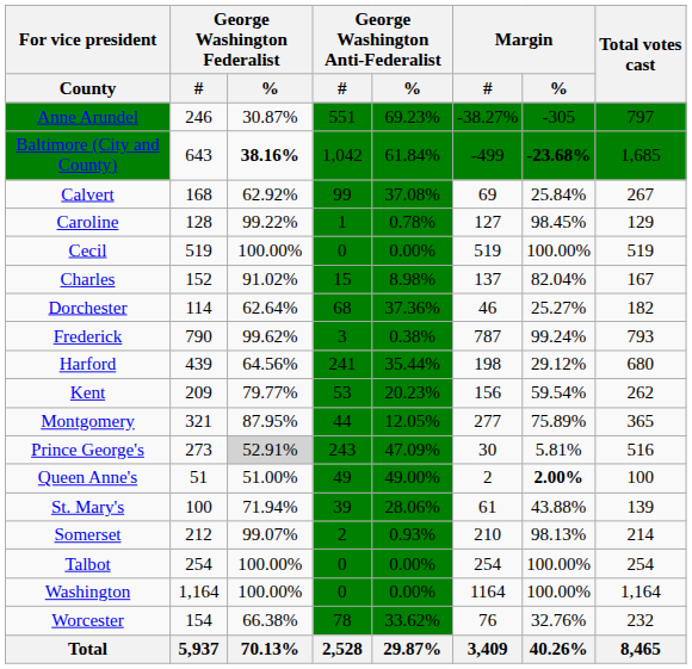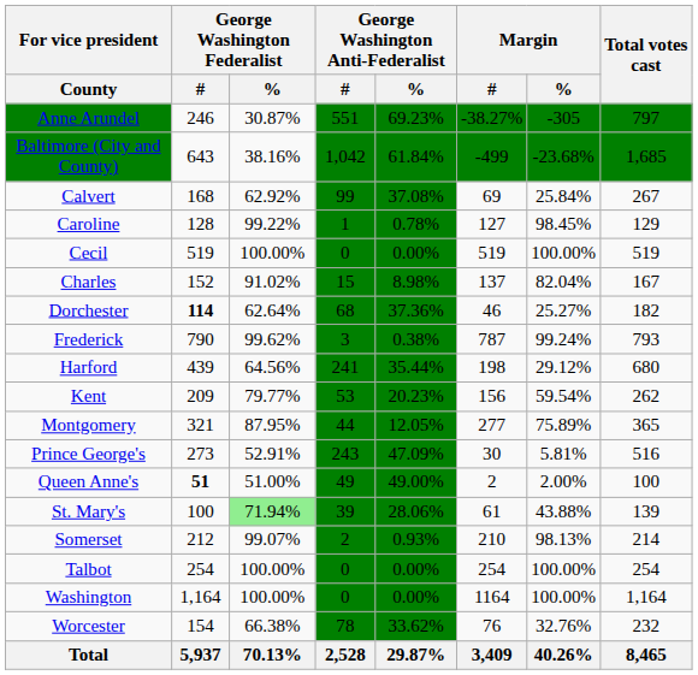 <table class="wikitable sortable">
 <tr>
 <th>For vice president</th>
 <th colspan="2" }>George Washington<br>Federalist</th>
 <th colspan="2" style="">George Washington<br>Anti-Federalist</th>
 <th colspan="2">Margin</th>
 <th rowspan="2">Total votes cast</th>
 </tr>
 <tr style="text-align:center;">
 <th>County</th>
 <th>#</th>
 <th>%</th>
 <th>#</th>
 <th>%</th>
 <th>#</th>
 <th>%</th>
 </tr>
 <tr style="text-align:center;">
 <td colspan="1" style="background:#008000"><a href='#'>Anne Arundel</a></td>
 <td>246</td>
 <td>30.87%</td>
 <td style="background:#008000">551</td>
 <td style="background:#008000">69.23%</td>
 <td style="background:#008000">-38.27%</td>
 <td style="background:#008000">-305</td>
 <td style="background:#008000">797</td>
 </tr>
 <tr style="text-align:center;">
 <td colspan="1" style="background:#008000"><a href='#'>Baltimore (City and County)</a></td>
 <td>643</td>
-<td><strong>38.16%</strong></td>
+<td>38.16%</td>
 <td style="background:#008000">1,042</td>
 <td style="background:#008000">61.84%</td>
 <td style="background:#008000">-499</td>
-<td style="background:#008000"><strong>-23.68%</strong></td>
+<td style="background:#008000">-23.68%</td>
 <td style="background:#008000">1,685</td>
 </tr>
 <tr style="text-align:center;">
 <td colspan="1" ><a href='#'>Calvert</a></td>
 <td>168</td>
 <td>62.92%</td>
 <td style="background:#008000">99</td>
 <td style="background:#008000">37.08%</td>
 <td>69</td>
 <td>25.84%</td>
 <td>267</td>
 </tr>
 <tr style="text-align:center;">
 <td colspan="1" ><a href='#'>Caroline</a></td>
 <td>128</td>
 <td>99.22%</td>
 <td style="background:#008000">1</td>
 <td style="background:#008000">0.78%</td>
 <td>127</td>
 <td>98.45%</td>
 <td>129</td>
 </tr>
 <tr style="text-align:center;">
 <td colspan="1" ><a href='#'>Cecil</a></td>
 <td>519</td>
 <td>100.00%</td>
 <td style="background:#008000">0</td>
 <td style="background:#008000">0.00%</td>
 <td>519</td>
 <td>100.00%</td>
 <td>519</td>
 </tr>
 <tr style="text-align:center;">
 <td colspan="1" ><a href='#'>Charles</a></td>
 <td>152</td>
 <td>91.02%</td>
 <td style="background:#008000">15</td>
 <td style="background:#008000">8.98%</td>
 <td>137</td>
 <td>82.04%</td>
 <td>167</td>
 </tr>
 <tr style="text-align:center;">
 <td colspan="1" ><a href='#'>Dorchester</a></td>
-<td>114</td>
+<td><strong>114</strong></td>
 <td>62.64%</td>
 <td style="background:#008000">68</td>
 <td style="background:#008000">37.36%</td>
 <td>46</td>
 <td>25.27%</td>
 <td>182</td>
 </tr>
 <tr style="text-align:center;">
 <td colspan="1" ><a href='#'>Frederick</a></td>
 <td>790</td>
 <td>99.62%</td>
 <td style="background:#008000">3</td>
 <td style="background:#008000">0.38%</td>
 <td>787</td>
 <td>99.24%</td>
 <td>793</td>
 </tr>
 <tr style="text-align:center;">
 <td colspan="1" ><a href='#'>Harford</a></td>
 <td>439</td>
 <td>64.56%</td>
 <td style="background:#008000">241</td>
 <td style="background:#008000">35.44%</td>
 <td>198</td>
 <td>29.12%</td>
 <td>680</td>
 </tr>
 <tr style="text-align:center;">
 <td colspan="1" ><a href='#'>Kent</a></td>
 <td>209</td>
 <td>79.77%</td>
 <td style="background:#008000">53</td>
 <td style="background:#008000">20.23%</td>
 <td>156</td>
 <td>59.54%</td>
 <td>262</td>
 </tr>
 <tr style="text-align:center;">
 <td colspan="1" ><a href='#'>Montgomery</a></td>
 <td>321</td>
 <td>87.95%</td>
 <td style="background:#008000">44</td>
 <td style="background:#008000">12.05%</td>
 <td>277</td>
 <td>75.89%</td>
 <td>365</td>
 </tr>
 <tr style="text-align:center;">
 <td colspan="1" ><a href='#'>Prince George's</a></td>
 <td>273</td>
-<td style="background: lightgrey;">52.91%</td>
+<td>52.91%</td>
 <td style="background:#008000">243</td>
 <td style="background:#008000">47.09%</td>
 <td>30</td>
 <td>5.81%</td>
 <td>516</td>
 </tr>
 <tr style="text-align:center;">
 <td colspan="1" ><a href='#'>Queen Anne's</a></td>
-<td>51</td>
+<td><strong>51</strong></td>
 <td>51.00%</td>
 <td style="background:#008000">49</td>
 <td style="background:#008000">49.00%</td>
 <td>2</td>
-<td><strong>2.00%</strong></td>
+<td>2.00%</td>
 <td>100</td>
 </tr>
 <tr style="text-align:center;">
 <td colspan="1" ><a href='#'>St. Mary's</a></td>
 <td>100</td>
-<td>71.94%</td>
+<td style="background: lightgreen;">71.94%</td>
 <td style="background:#008000">39</td>
 <td style="background:#008000">28.06%</td>
 <td>61</td>
 <td>43.88%</td>
 <td>139</td>
 </tr>
 <tr style="text-align:center;">
 <td colspan="1" ><a href='#'>Somerset</a></td>
 <td>212</td>
 <td>99.07%</td>
 <td style="background:#008000">2</td>
 <td style="background:#008000">0.93%</td>
 <td>210</td>
 <td>98.13%</td>
 <td>214</td>
 </tr>
 <tr style="text-align:center;">
 <td colspan="1" ><a href='#'>Talbot</a></td>
 <td>254</td>
 <td>100.00%</td>
 <td style="background:#008000">0</td>
 <td style="background:#008000">0.00%</td>
 <td>254</td>
 <td>100.00%</td>
 <td>254</td>
 </tr>
 <tr style="text-align:center;">
 <td colspan="1" ><a href='#'>Washington</a></td>
 <td>1,164</td>
 <td>100.00%</td>
 <td style="background:#008000">0</td>
 <td style="background:#008000">0.00%</td>
 <td>1164</td>
 <td>100.00%</td>
 <td>1,164</td>
 </tr>
 <tr style="text-align:center;">
 <td colspan="1" ><a href='#'>Worcester</a></td>
 <td>154</td>
 <td>66.38%</td>
 <td style="background:#008000">78</td>
 <td style="background:#008000">33.62%</td>
 <td>76</td>
 <td>32.76%</td>
 <td>232</td>
 </tr>
 <tr style="text-align:center;">
 <th>Total</th>
 <th>5,937</th>
 <th>70.13%</th>
 <th>2,528</th>
 <th>29.87%</th>
 <th>3,409</th>
 <th>40.26%</th>
 <th>8,465</th>
 </tr>
 </table>
